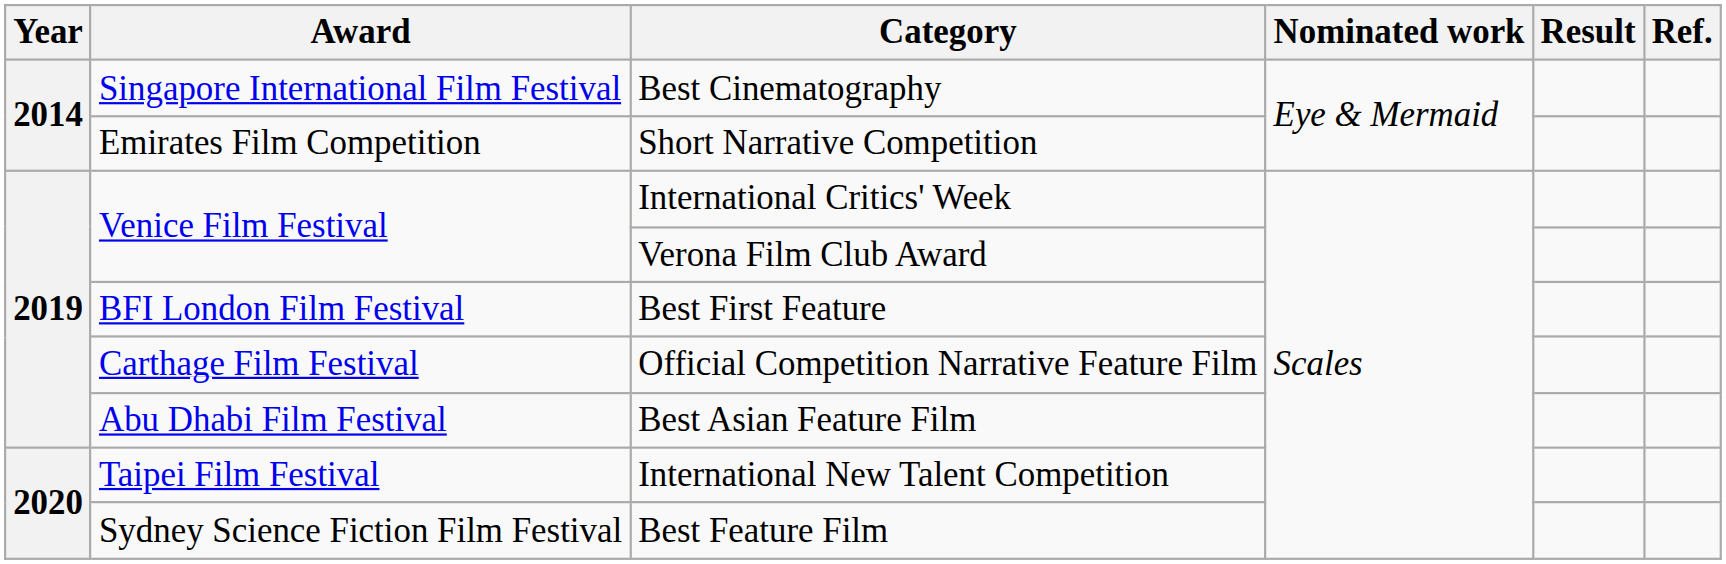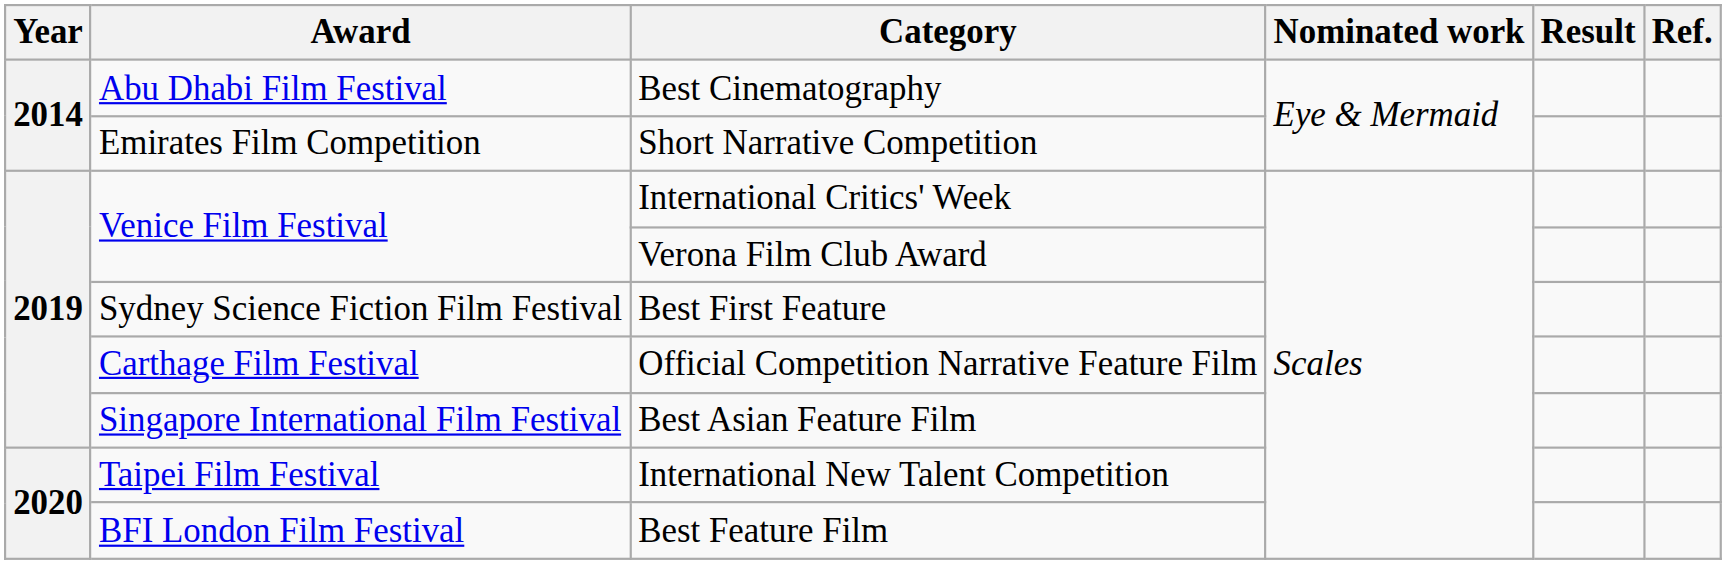 <table class="wikitable sortable plainrowheaders">
 <tr>
 <th scope="col">Year</th>
 <th scope="col">Award</th>
 <th scope="col">Category</th>
 <th scope="col">Nominated work</th>
 <th scope="col">Result</th>
 <th scope="col">Ref.</th>
 </tr>
 <tr>
 <th scope="row" rowspan="2">2014</th>
-<td><a href='#'>Singapore International Film Festival</a></td>
+<td><a href='#'>Abu Dhabi Film Festival</a></td>
 <td>Best Cinematography</td>
 <td rowspan="2"><em>Eye & Mermaid</em></td>
 <td></td>
 <td align="center"></td>
 </tr>
 <tr>
 <td>Emirates Film Competition</td>
 <td>Short Narrative Competition</td>
 <td></td>
 <td align="center"></td>
 </tr>
 <tr>
 <th scope="row" rowspan="5">2019</th>
 <td rowspan="2"><a href='#'>Venice Film Festival</a></td>
 <td>International Critics' Week</td>
 <td rowspan="7"><em>Scales</em></td>
 <td></td>
 <td align="center"></td>
 </tr>
 <tr>
 <td>Verona Film Club Award</td>
 <td></td>
 <td align="center"></td>
 </tr>
 <tr>
-<td><a href='#'>BFI London Film Festival</a></td>
+<td>Sydney Science Fiction Film Festival</td>
 <td>Best First Feature</td>
 <td></td>
 <td align="center"></td>
 </tr>
 <tr>
 <td><a href='#'>Carthage Film Festival</a></td>
 <td>Official Competition Narrative Feature Film</td>
 <td></td>
 <td align="center"></td>
 </tr>
 <tr>
-<td><a href='#'>Abu Dhabi Film Festival</a></td>
+<td><a href='#'>Singapore International Film Festival</a></td>
 <td>Best Asian Feature Film</td>
 <td></td>
 <td align="center"></td>
 </tr>
 <tr>
 <th scope="row" rowspan="2">2020</th>
 <td><a href='#'>Taipei Film Festival</a></td>
 <td>International New Talent Competition</td>
 <td></td>
 <td align="center"></td>
 </tr>
 <tr>
-<td>Sydney Science Fiction Film Festival</td>
+<td><a href='#'>BFI London Film Festival</a></td>
 <td>Best Feature Film</td>
 <td></td>
 <td align="center"></td>
 </tr>
 </table>
